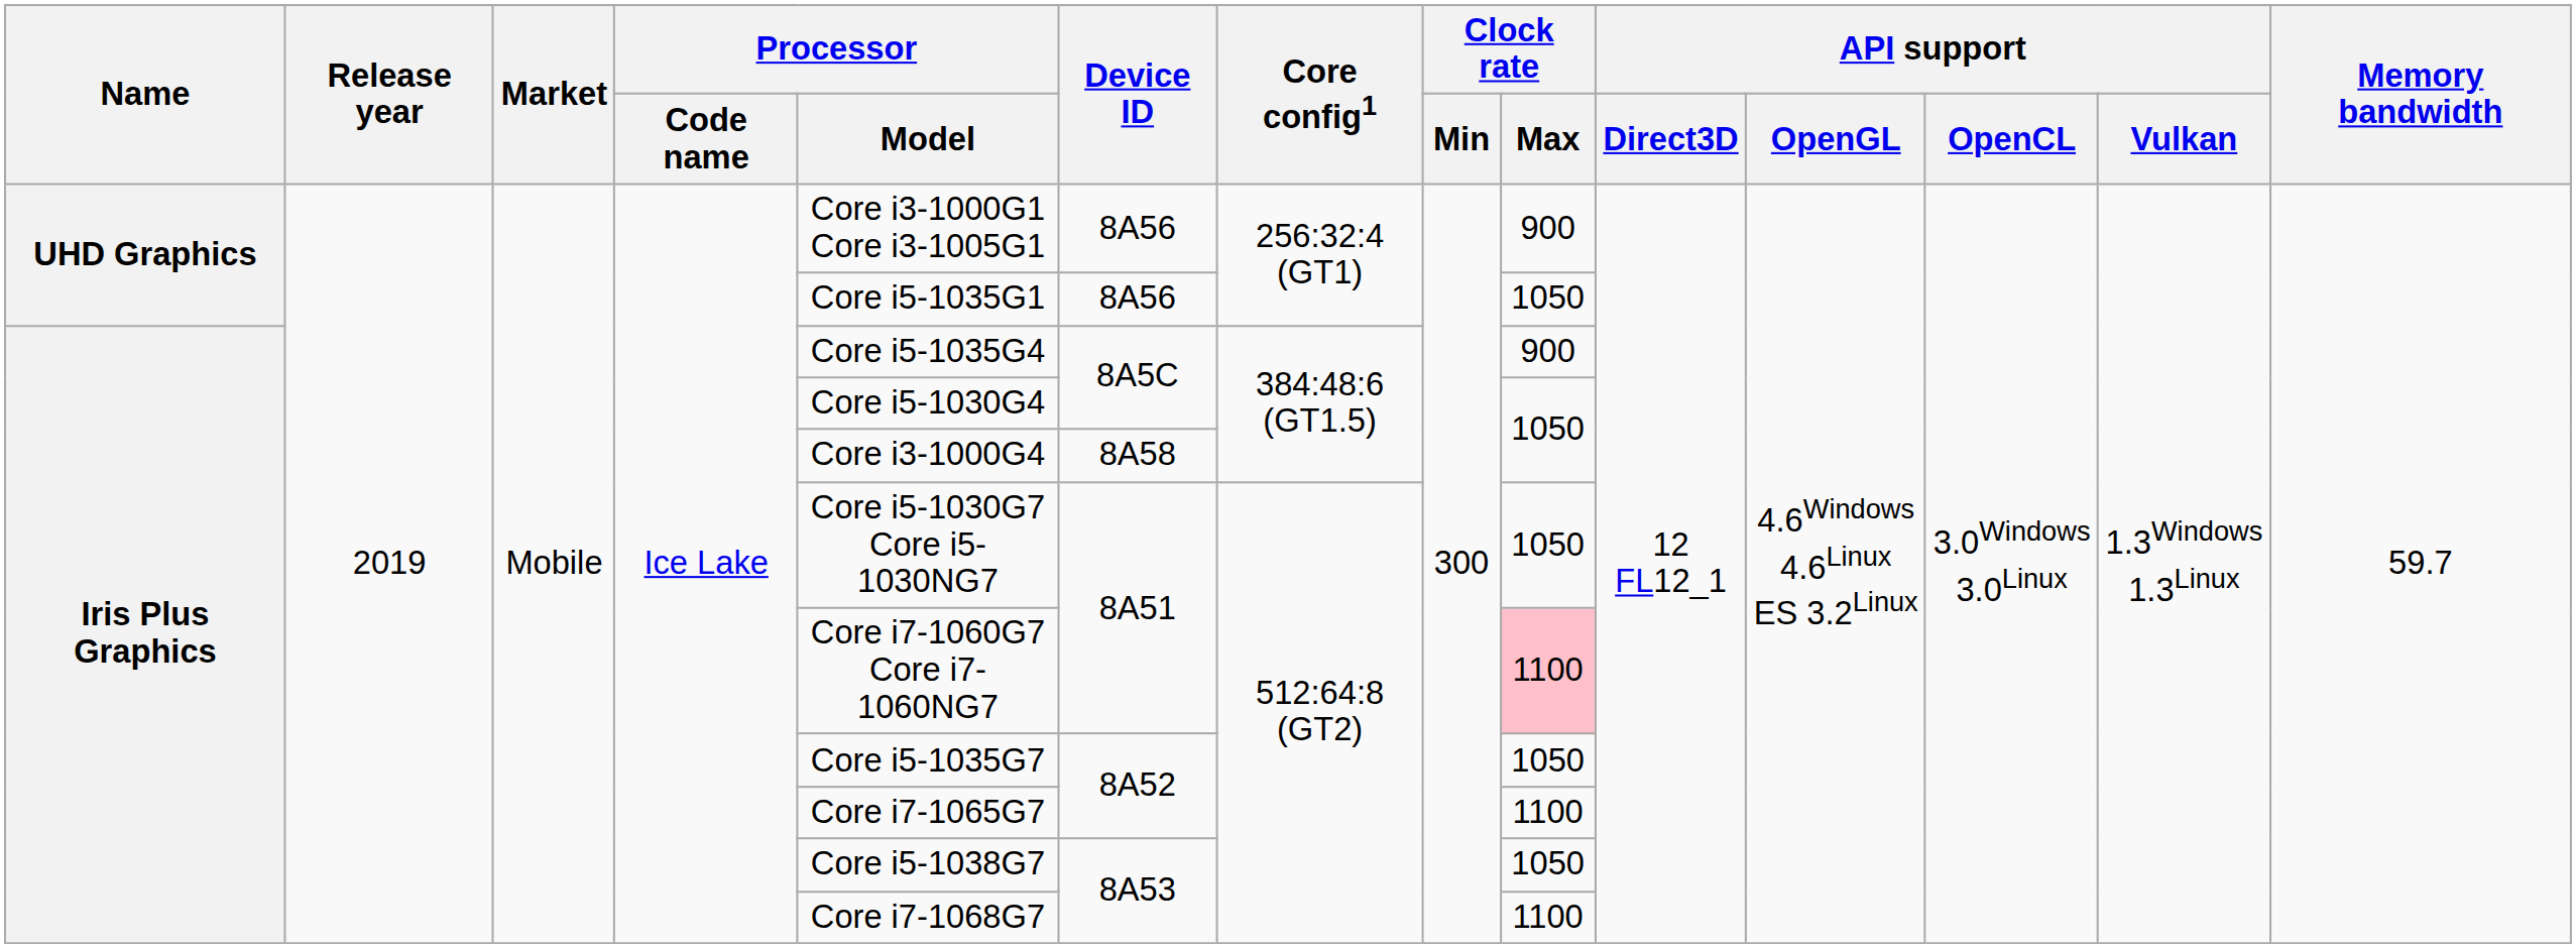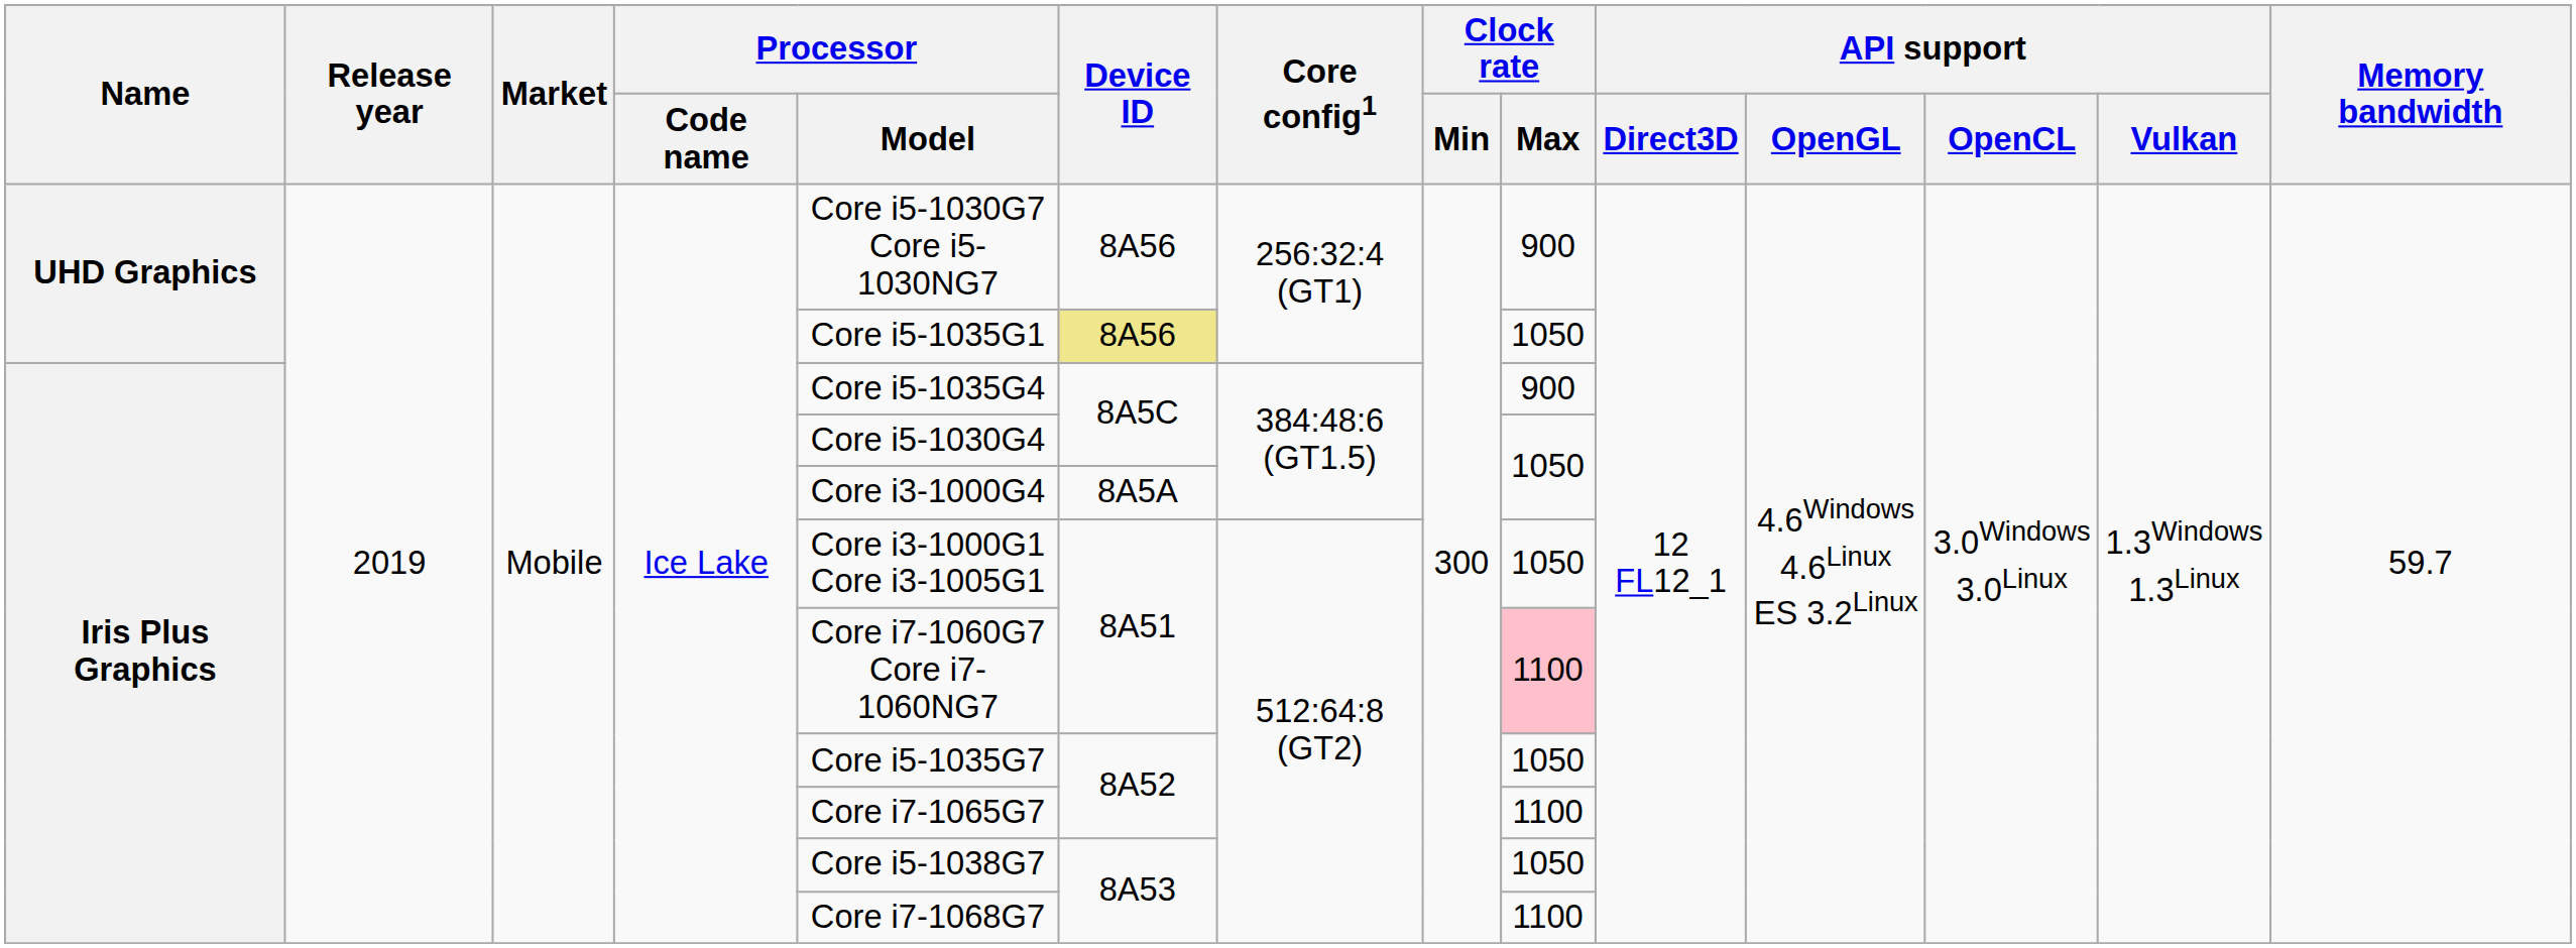 <table class="wikitable sortable mw-datatable sticky-header-multi sort-under" style="text-align:center;">
 <tr>
 <th rowspan="2" scope="col">Name</th>
 <th rowspan="2" scope="col">Release year</th>
 <th rowspan="2" scope="col">Market</th>
 <th colspan="2" scope="col"><a href='#'>Processor</a></th>
 <th rowspan="2"><a href='#'>Device ID</a></th>
 <th rowspan="2" scope="col">Core config<sup>1</sup></th>
 <th colspan="2" scope="col"><a href='#'>Clock rate</a></th>
 <th colspan="4" scope="col"><a href='#'>API</a> support</th>
 <th rowspan="2" scope="col"><a href='#'>Memory bandwidth</a> </th>
 </tr>
 <tr>
 <th scope="col">Code name</th>
 <th scope="col">Model</th>
 <th scope="col">Min </th>
 <th scope="col">Max </th>
 <th scope="col"><a href='#'>Direct3D</a></th>
 <th scope="col"><a href='#'>OpenGL</a></th>
 <th scope="col"><a href='#'>OpenCL</a></th>
 <th scope="col"><a href='#'>Vulkan</a></th>
 </tr>
 <tr>
 <th rowspan="2">UHD Graphics</th>
 <td rowspan="11">2019</td>
 <td rowspan="11">Mobile</td>
 <td rowspan="11"><a href='#'>Ice Lake</a></td>
-<td>Core i3-1000G1<br>Core i3-1005G1</td>
+<td>Core i5-1030G7<br>Core i5-1030NG7</td>
 <td>8A56</td>
 <td rowspan="2">256:32:4<br>(GT1)</td>
 <td rowspan="11">300</td>
 <td>900</td>
 <td rowspan="11">12 <br> <a href='#'>FL</a>12_1</td>
 <td rowspan="11">4.6<sup>Windows</sup> <br> 4.6<sup>Linux</sup> <br> ES 3.2<sup>Linux</sup></td>
 <td rowspan="11">3.0<sup>Windows</sup> <br> 3.0<sup>Linux</sup></td>
 <td rowspan="11">1.3<sup>Windows</sup> <br> 1.3<sup>Linux</sup></td>
 <td rowspan="11">59.7</td>
 </tr>
 <tr>
 <td>Core i5-1035G1</td>
-<td>8A56</td>
+<td style="background: khaki;">8A56</td>
 <td>1050</td>
 </tr>
 <tr>
 <th rowspan="9">Iris Plus Graphics</th>
 <td>Core i5-1035G4</td>
 <td rowspan=2>8A5C</td>
 <td rowspan="3">384:48:6<br>(GT1.5)</td>
 <td>900</td>
 </tr>
 <tr>
 <td>Core i5-1030G4</td>
 <td rowspan=2>1050</td>
 </tr>
 <tr>
 <td>Core i3-1000G4</td>
-<td>8A58</td>
+<td>8A5A</td>
 </tr>
 <tr>
-<td>Core i5-1030G7<br>Core i5-1030NG7</td>
+<td>Core i3-1000G1<br>Core i3-1005G1</td>
 <td rowspan=2>8A51</td>
 <td rowspan="6">512:64:8<br>(GT2)</td>
 <td>1050</td>
 </tr>
 <tr>
 <td>Core i7-1060G7<br>Core i7-1060NG7</td>
 <td style="background: pink;">1100</td>
 </tr>
 <tr>
 <td>Core i5-1035G7</td>
 <td rowspan=2>8A52</td>
 <td>1050</td>
 </tr>
 <tr>
 <td>Core i7-1065G7</td>
 <td>1100</td>
 </tr>
 <tr>
 <td>Core i5-1038G7</td>
 <td rowspan="2">8A53</td>
 <td>1050</td>
 </tr>
 <tr>
 <td>Core i7-1068G7</td>
 <td>1100</td>
 </tr>
 </table>
